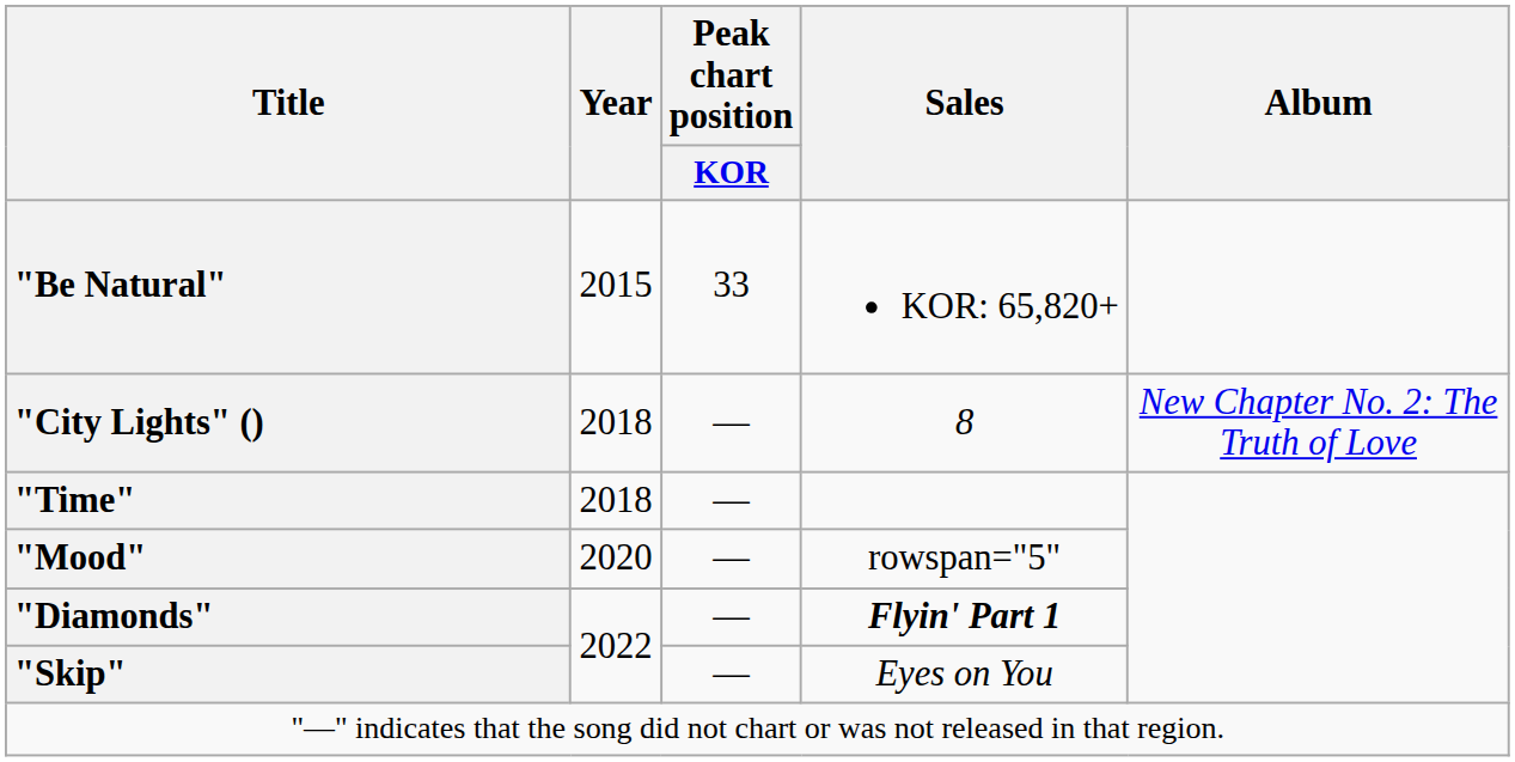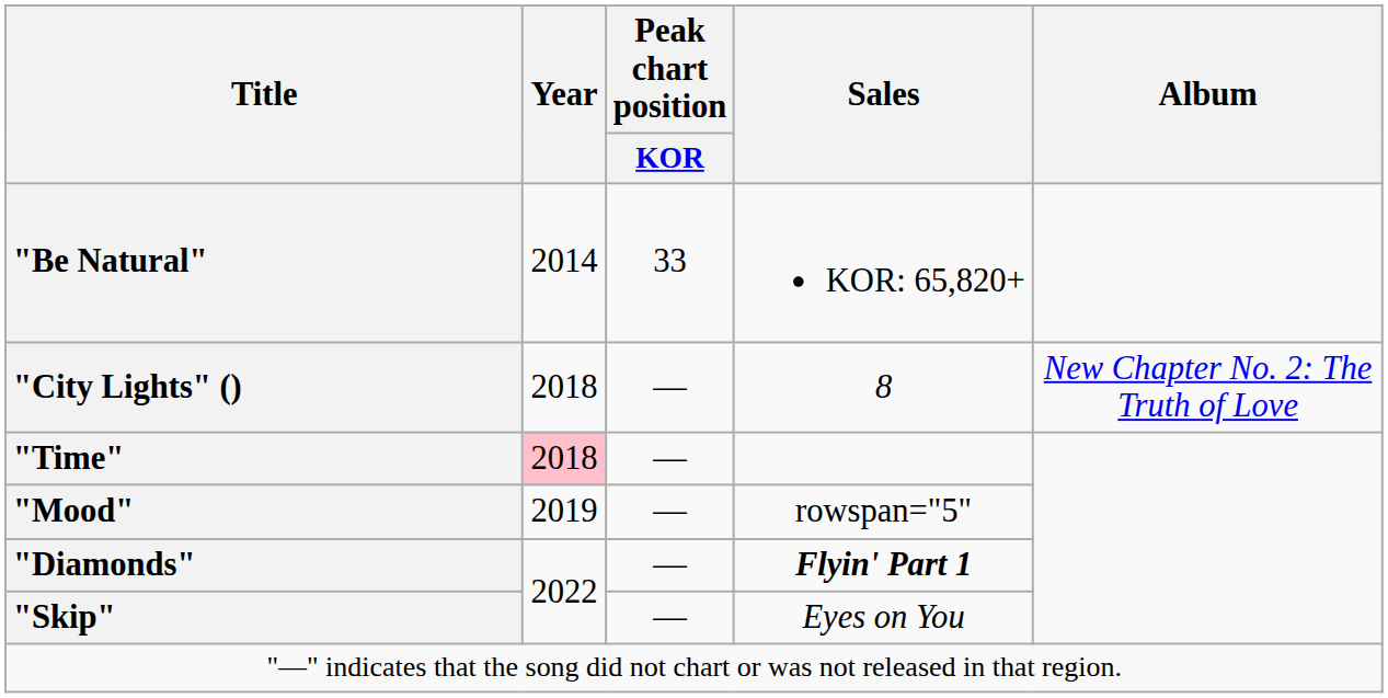 <table class="wikitable plainrowheaders" style="text-align:center">
 <tr>
 <th scope="col" rowspan="2" style="width:15em">Title</th>
 <th scope="col" rowspan="2">Year</th>
 <th scope="col" colspan="1">Peak chart position</th>
 <th scope="col" rowspan="2">Sales</th>
 <th scope="col" rowspan="2" style="width:10em">Album</th>
 </tr>
 <tr>
 <th scope="col" style="width:3em;font-size:90%"><a href='#'>KOR</a><br></th>
 </tr>
 <tr>
 <th scope="row" style="text-align: left">"Be Natural"<br></th>
-<td>2015</td>
+<td>2014</td>
 <td>33</td>
 <td><br><ul><li>KOR: 65,820+</li></ul></td>
 <td></td>
 </tr>
 <tr>
 <th scope="row" style="text-align: left">"City Lights" ()<br></th>
 <td>2018</td>
 <td>—</td>
 <td><em>8</em></td>
 <td><em><a href='#'>New Chapter No. 2: The Truth of Love</a></em></td>
 </tr>
 <tr>
 <th scope="row" style="text-align: left">"Time"<br></th>
-<td>2018</td>
+<td style="background: pink;">2018</td>
 <td>—</td>
 <td></td>
 </tr>
 <tr>
 <th scope="row" style="text-align: left">"Mood"<br></th>
-<td>2020</td>
+<td>2019</td>
 <td>—</td>
 <td>rowspan="5" </td>
 </tr>
 <tr>
 <th scope="row" style="text-align: left">"Diamonds"<br></th>
 <td rowspan="2">2022</td>
 <td>—</td>
 <td><strong><em>Flyin' Part 1</em></strong></td>
 </tr>
 <tr>
 <th scope="row" style="text-align: left">"Skip"<br></th>
 <td>—</td>
 <td><em>Eyes on You</em></td>
 </tr>
 <tr>
 <td colspan="5" style="font-size:85%">"—" indicates that the song did not chart or was not released in that region.</td>
 </tr>
 </table>
